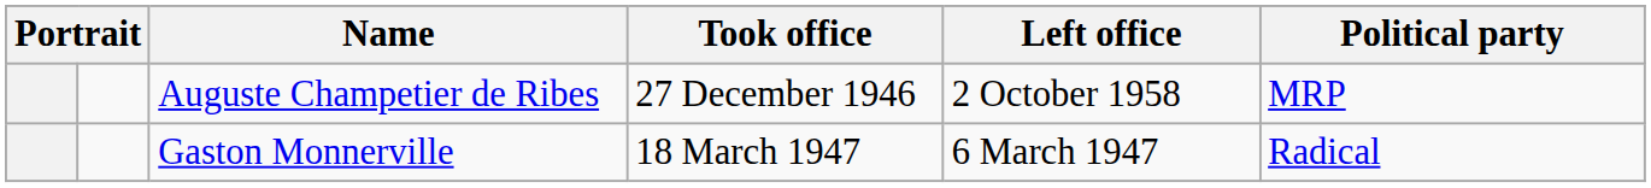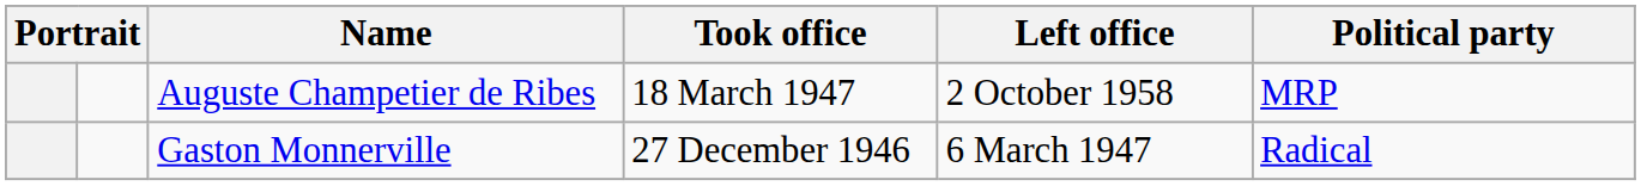 <table class="wikitable">
 <tr>
 <th colspan=2>Portrait</th>
 <th width=200>Name</th>
 <th width=130>Took office</th>
 <th width=130>Left office</th>
 <th width=160>Political party</th>
 </tr>
 <tr>
 <th style="background:"></th>
 <td></td>
 <td><a href='#'>Auguste Champetier de Ribes</a></td>
-<td>27 December 1946</td>
+<td>18 March 1947</td>
 <td>2 October 1958</td>
 <td><a href='#'>MRP</a></td>
 </tr>
 <tr>
 <th style="background:"></th>
 <td></td>
 <td><a href='#'>Gaston Monnerville</a></td>
-<td>18 March 1947</td>
+<td>27 December 1946</td>
 <td>6 March 1947</td>
 <td><a href='#'>Radical</a></td>
 </tr>
 </table>
